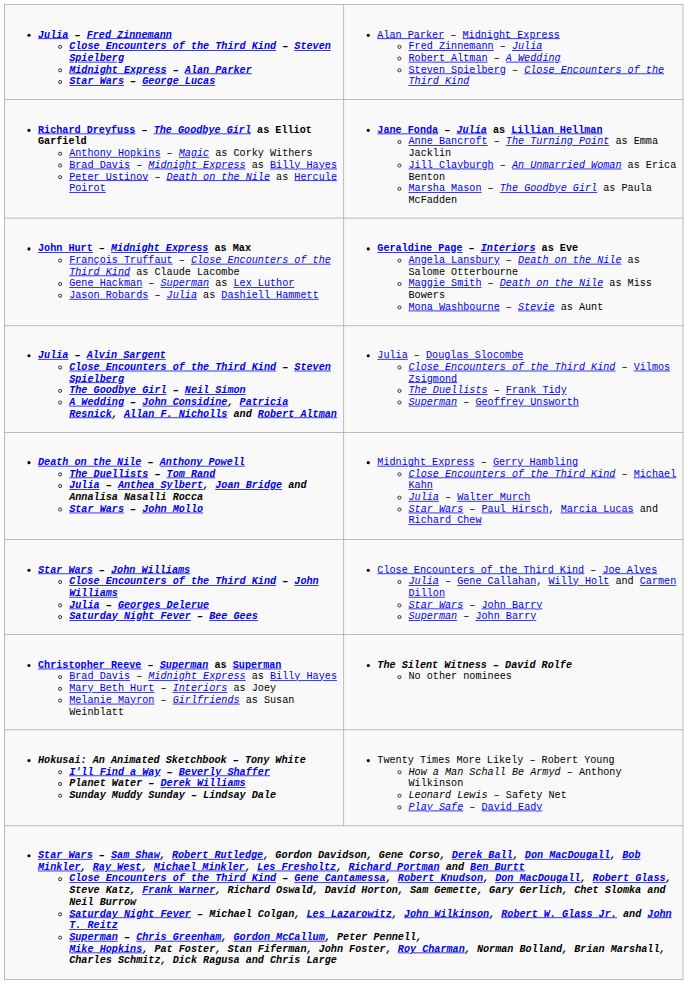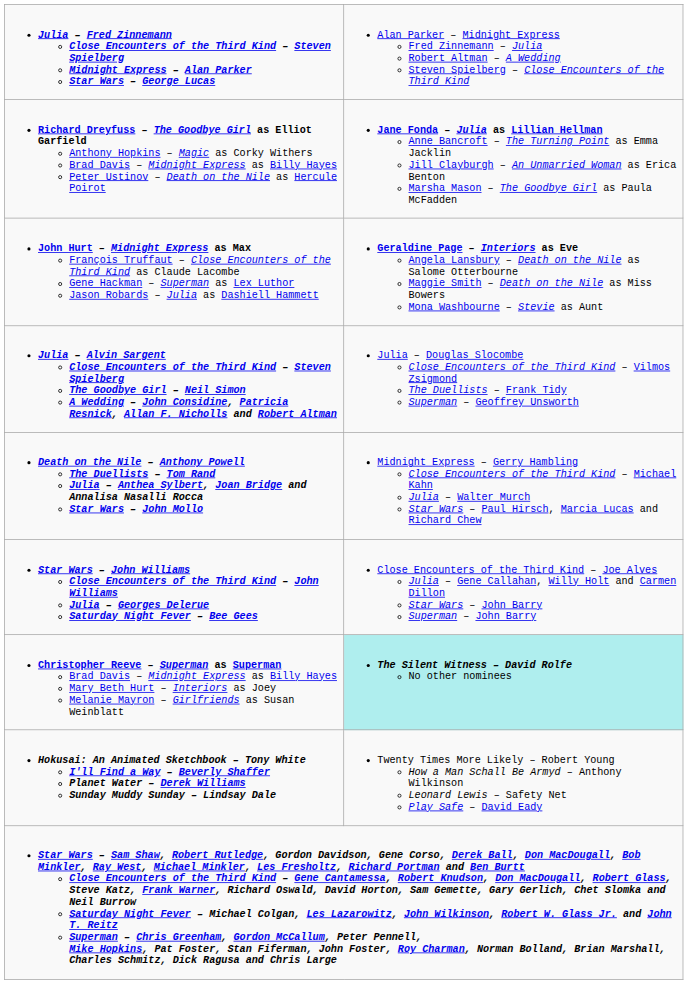 <table class=wikitable>
 <tr>
 <td valign="top" width="50%"><br><ul><li><strong><em><a href='#'>Julia</a><em> – <a href='#'>Fred Zinnemann</a><strong><ul><li></em><a href='#'>Close Encounters of the Third Kind</a><em> – <a href='#'>Steven Spielberg</a></li><li></em><a href='#'>Midnight Express</a><em> – <a href='#'>Alan Parker</a></li><li></em><a href='#'>Star Wars</a><em> – <a href='#'>George Lucas</a></li></ul></li></ul></td>
 <td valign="top" width="50%"><br><ul><li></strong><a href='#'>Alan Parker</a> – </em><a href='#'>Midnight Express</a></em></strong><ul><li><a href='#'>Fred Zinnemann</a> – <em><a href='#'>Julia</a></em></li><li><a href='#'>Robert Altman</a> – <em><a href='#'>A Wedding</a></em></li><li><a href='#'>Steven Spielberg</a> – <em><a href='#'>Close Encounters of the Third Kind</a></em></li></ul></li></ul></td>
 </tr>
 <tr>
 <td valign="top" width="50%"><br><ul><li><strong><a href='#'>Richard Dreyfuss</a> – <em><a href='#'>The Goodbye Girl</a></em> as Elliot Garfield</strong><ul><li><a href='#'>Anthony Hopkins</a> – <em><a href='#'>Magic</a></em> as Corky Withers</li><li><a href='#'>Brad Davis</a> – <em><a href='#'>Midnight Express</a></em> as <a href='#'>Billy Hayes</a></li><li><a href='#'>Peter Ustinov</a> – <em><a href='#'>Death on the Nile</a></em> as <a href='#'>Hercule Poirot</a></li></ul></li></ul></td>
 <td valign="top" width="50%"><br><ul><li><strong><a href='#'>Jane Fonda</a> – <em><a href='#'>Julia</a></em> as <a href='#'>Lillian Hellman</a></strong><ul><li><a href='#'>Anne Bancroft</a> – <em><a href='#'>The Turning Point</a></em> as Emma Jacklin</li><li><a href='#'>Jill Clayburgh</a> – <em><a href='#'>An Unmarried Woman</a></em> as Erica Benton</li><li><a href='#'>Marsha Mason</a> – <em><a href='#'>The Goodbye Girl</a></em> as Paula McFadden</li></ul></li></ul></td>
 </tr>
 <tr>
 <td valign="top" width="50%"><br><ul><li><strong><a href='#'>John Hurt</a> – <em><a href='#'>Midnight Express</a></em> as Max</strong><ul><li><a href='#'>François Truffaut</a> – <em><a href='#'>Close Encounters of the Third Kind</a></em> as Claude Lacombe</li><li><a href='#'>Gene Hackman</a> – <em><a href='#'>Superman</a></em> as <a href='#'>Lex Luthor</a></li><li><a href='#'>Jason Robards</a> – <em><a href='#'>Julia</a></em> as <a href='#'>Dashiell Hammett</a></li></ul></li></ul></td>
 <td valign="top" width="50%"><br><ul><li><strong><a href='#'>Geraldine Page</a> – <em><a href='#'>Interiors</a></em> as Eve</strong><ul><li><a href='#'>Angela Lansbury</a> – <em><a href='#'>Death on the Nile</a></em> as Salome Otterbourne</li><li><a href='#'>Maggie Smith</a> – <em><a href='#'>Death on the Nile</a></em> as Miss Bowers</li><li><a href='#'>Mona Washbourne</a> – <em><a href='#'>Stevie</a></em> as Aunt</li></ul></li></ul></td>
 </tr>
 <tr>
 <td valign="top" width="50%"><br><ul><li><strong><em><a href='#'>Julia</a><em> – <a href='#'>Alvin Sargent</a><strong><ul><li></em><a href='#'>Close Encounters of the Third Kind</a><em> – <a href='#'>Steven Spielberg</a></li><li></em><a href='#'>The Goodbye Girl</a><em> – <a href='#'>Neil Simon</a></li><li></em><a href='#'>A Wedding</a><em> – <a href='#'>John Considine</a>, <a href='#'>Patricia Resnick</a>, <a href='#'>Allan F. Nicholls</a> and <a href='#'>Robert Altman</a></li></ul></li></ul></td>
 <td valign="top" width="50%"><br><ul><li></em></strong><a href='#'>Julia</a></em> – <a href='#'>Douglas Slocombe</a></strong><ul><li><em><a href='#'>Close Encounters of the Third Kind</a></em> – <a href='#'>Vilmos Zsigmond</a></li><li><em><a href='#'>The Duellists</a></em> – <a href='#'>Frank Tidy</a></li><li><em><a href='#'>Superman</a></em> – <a href='#'>Geoffrey Unsworth</a></li></ul></li></ul></td>
 </tr>
 <tr>
 <td valign="top" width="50%"><br><ul><li><strong><em><a href='#'>Death on the Nile</a><em> – <a href='#'>Anthony Powell</a><strong><ul><li></em><a href='#'>The Duellists</a><em> – <a href='#'>Tom Rand</a></li><li></em><a href='#'>Julia</a><em> – <a href='#'>Anthea Sylbert</a>, <a href='#'>Joan Bridge</a> and Annalisa Nasalli Rocca</li><li></em><a href='#'>Star Wars</a><em> – <a href='#'>John Mollo</a></li></ul></li></ul></td>
 <td valign="top" width="50%"><br><ul><li></em></strong><a href='#'>Midnight Express</a></em> – <a href='#'>Gerry Hambling</a></strong><ul><li><em><a href='#'>Close Encounters of the Third Kind</a></em> – <a href='#'>Michael Kahn</a></li><li><em><a href='#'>Julia</a></em> – <a href='#'>Walter Murch</a></li><li><em><a href='#'>Star Wars</a></em> – <a href='#'>Paul Hirsch</a>, <a href='#'>Marcia Lucas</a> and <a href='#'>Richard Chew</a></li></ul></li></ul></td>
 </tr>
 <tr>
 <td valign="top" width="50%"><br><ul><li><strong><em><a href='#'>Star Wars</a><em> – <a href='#'>John Williams</a><strong><ul><li></em><a href='#'>Close Encounters of the Third Kind</a><em> – <a href='#'>John Williams</a></li><li></em><a href='#'>Julia</a><em> – <a href='#'>Georges Delerue</a></li><li></em><a href='#'>Saturday Night Fever</a><em> – <a href='#'>Bee Gees</a></li></ul></li></ul></td>
 <td valign="top" width="50%"><br><ul><li></em></strong><a href='#'>Close Encounters of the Third Kind</a></em> – <a href='#'>Joe Alves</a></strong><ul><li><em><a href='#'>Julia</a></em> – <a href='#'>Gene Callahan</a>, <a href='#'>Willy Holt</a> and <a href='#'>Carmen Dillon</a></li><li><em><a href='#'>Star Wars</a></em> – <a href='#'>John Barry</a></li><li><em><a href='#'>Superman</a></em> – <a href='#'>John Barry</a></li></ul></li></ul></td>
 </tr>
 <tr>
 <td valign="top" width="50%"><br><ul><li><strong><a href='#'>Christopher Reeve</a> – <em><a href='#'>Superman</a></em> as <a href='#'>Superman</a></strong><ul><li><a href='#'>Brad Davis</a> – <em><a href='#'>Midnight Express</a></em> as <a href='#'>Billy Hayes</a></li><li><a href='#'>Mary Beth Hurt</a> – <em><a href='#'>Interiors</a></em> as Joey</li><li><a href='#'>Melanie Mayron</a> – <em><a href='#'>Girlfriends</a></em> as Susan Weinblatt</li></ul></li></ul></td>
-<td valign="top" width="50%"><br><ul><li><strong><em>The Silent Witness – David Rolfe</em></strong><ul><li>No other nominees</li></ul></li></ul></td>
+<td valign="top" width="50%" style="background: paleturquoise;"><br><ul><li><strong><em>The Silent Witness – David Rolfe</em></strong><ul><li>No other nominees</li></ul></li></ul></td>
 </tr>
 <tr>
 <td valign="top" width="50%"><br><ul><li><strong><em>Hokusai: An Animated Sketchbook<em> – Tony White<strong><ul><li></em><a href='#'>I'll Find a Way</a><em> – <a href='#'>Beverly Shaffer</a></li><li></em>Planet Water<em> – <a href='#'>Derek Williams</a></li><li></em>Sunday Muddy Sunday<em> – Lindsay Dale</li></ul></li></ul></td>
 <td valign="top" width="50%"><br><ul><li></em></strong>Twenty Times More Likely</em> – Robert Young</strong><ul><li><em>How a Man Schall Be Armyd</em> – Anthony Wilkinson</li><li><em>Leonard Lewis</em> – Safety Net</li><li><em><a href='#'>Play Safe</a></em> – <a href='#'>David Eady</a></li></ul></li></ul></td>
 </tr>
 <tr>
 <td colspan="2" valign="top"><br><ul><li><strong><em><a href='#'>Star Wars</a><em> – <a href='#'>Sam Shaw</a>, <a href='#'>Robert Rutledge</a>, Gordon Davidson, Gene Corso, <a href='#'>Derek Ball</a>, <a href='#'>Don MacDougall</a>, <a href='#'>Bob Minkler</a>, <a href='#'>Ray West</a>, <a href='#'>Michael Minkler</a>, <a href='#'>Les Fresholtz</a>, <a href='#'>Richard Portman</a> and <a href='#'>Ben Burtt</a><strong><ul><li></em><a href='#'>Close Encounters of the Third Kind</a><em> – <a href='#'>Gene Cantamessa</a>, <a href='#'>Robert Knudson</a>, <a href='#'>Don MacDougall</a>, <a href='#'>Robert Glass</a>, Steve Katz, <a href='#'>Frank Warner</a>, Richard Oswald, David Horton, Sam Gemette, Gary Gerlich, Chet Slomka and Neil Burrow</li><li></em><a href='#'>Saturday Night Fever</a><em> – Michael Colgan, <a href='#'>Les Lazarowitz</a>, <a href='#'>John Wilkinson</a>, <a href='#'>Robert W. Glass Jr.</a> and <a href='#'>John T. Reitz</a></li><li></em><a href='#'>Superman</a><em> – <a href='#'>Chris Greenham</a>, <a href='#'>Gordon McCallum</a>, Peter Pennell,<br><a href='#'>Mike Hopkins</a>, Pat Foster, Stan Fiferman, John Foster, <a href='#'>Roy Charman</a>, Norman Bolland, Brian Marshall, Charles Schmitz, Dick Ragusa and Chris Large</li></ul></li></ul></td>
 </tr>
 </table>
